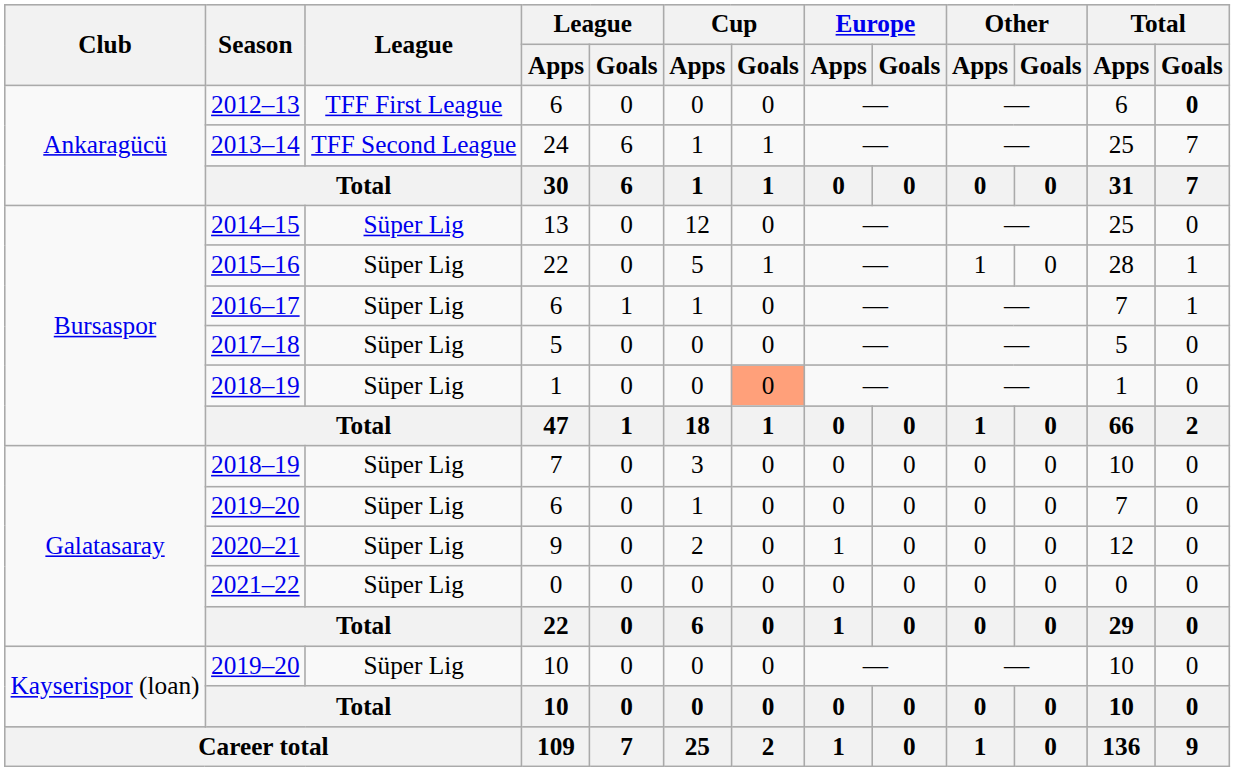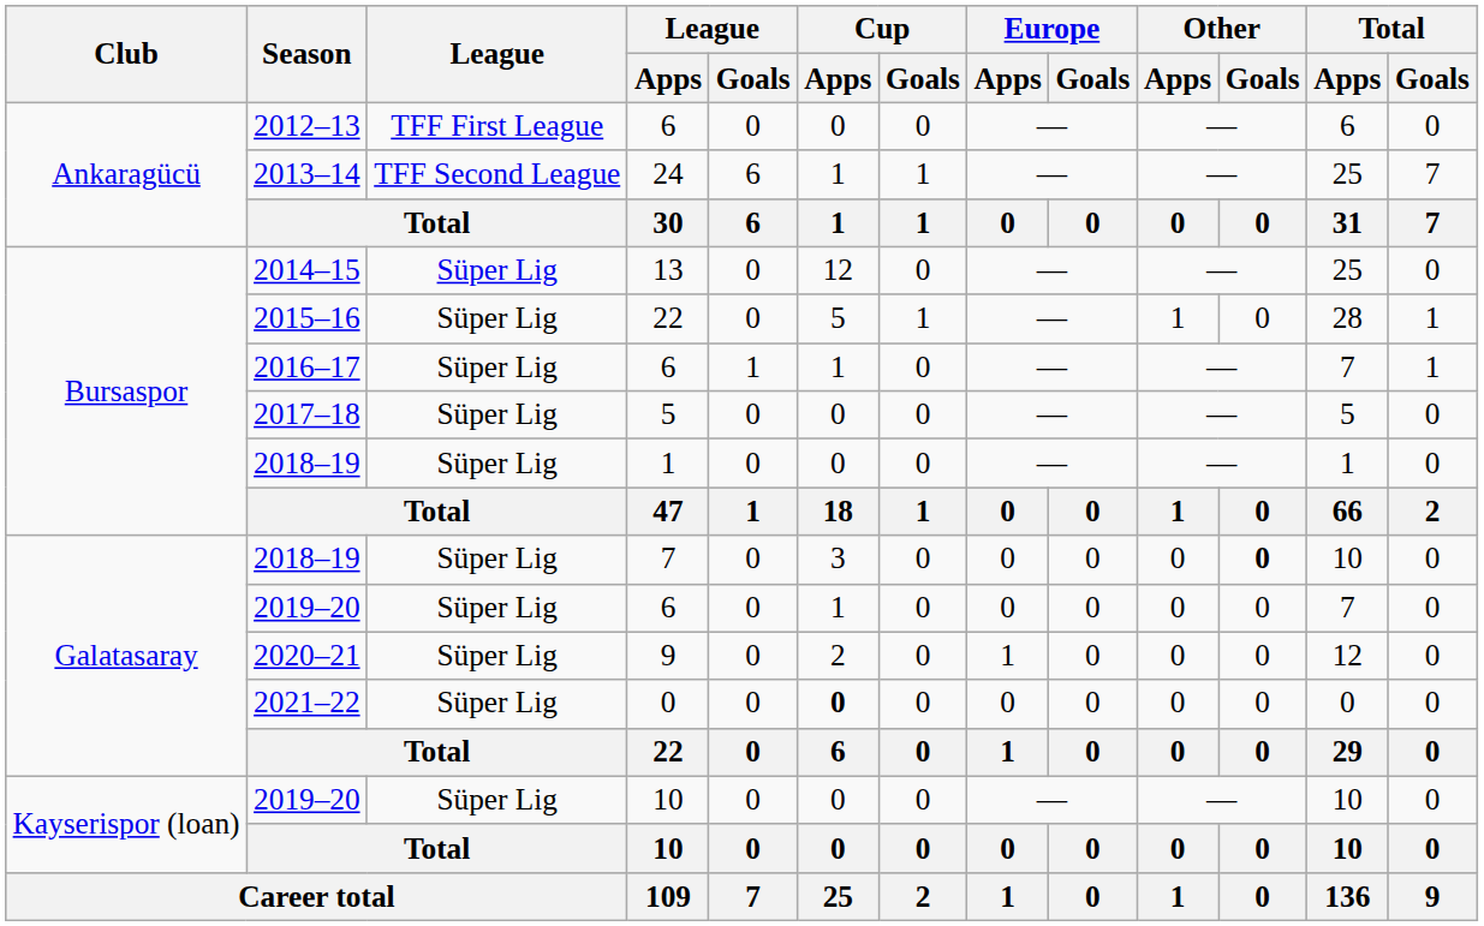 <table class="wikitable" style="text-align: center;">
 <tr>
 <th rowspan="2">Club</th>
 <th rowspan="2">Season</th>
 <th rowspan="2">League</th>
 <th colspan="2">League</th>
 <th colspan="2">Cup</th>
 <th colspan="2"><a href='#'>Europe</a></th>
 <th colspan="2">Other</th>
 <th colspan="2">Total</th>
 </tr>
 <tr>
 <th>Apps</th>
 <th>Goals</th>
 <th>Apps</th>
 <th>Goals</th>
 <th>Apps</th>
 <th>Goals</th>
 <th>Apps</th>
 <th>Goals</th>
 <th>Apps</th>
 <th>Goals</th>
 </tr>
 <tr>
 <td rowspan="3"><a href='#'>Ankaragücü</a></td>
 <td><a href='#'>2012–13</a></td>
 <td><a href='#'>TFF First League</a></td>
 <td>6</td>
 <td>0</td>
 <td>0</td>
 <td>0</td>
 <td colspan="2">—</td>
 <td colspan="2">—</td>
 <td>6</td>
-<td><strong>0</strong></td>
+<td>0</td>
 </tr>
 <tr>
 <td><a href='#'>2013–14</a></td>
 <td><a href='#'>TFF Second League</a></td>
 <td>24</td>
 <td>6</td>
 <td>1</td>
 <td>1</td>
 <td colspan="2">—</td>
 <td colspan="2">—</td>
 <td>25</td>
 <td>7</td>
 </tr>
 <tr>
 <th colspan="2">Total</th>
 <th>30</th>
 <th>6</th>
 <th>1</th>
 <th>1</th>
 <th>0</th>
 <th>0</th>
 <th>0</th>
 <th>0</th>
 <th>31</th>
 <th>7</th>
 </tr>
 <tr>
 <td rowspan="6"><a href='#'>Bursaspor</a></td>
 <td><a href='#'>2014–15</a></td>
 <td><a href='#'>Süper Lig</a></td>
 <td>13</td>
 <td>0</td>
 <td>12</td>
 <td>0</td>
 <td colspan="2">—</td>
 <td colspan="2">—</td>
 <td>25</td>
 <td>0</td>
 </tr>
 <tr>
 <td><a href='#'>2015–16</a></td>
 <td>Süper Lig</td>
 <td>22</td>
 <td>0</td>
 <td>5</td>
 <td>1</td>
 <td colspan="2">—</td>
 <td>1</td>
 <td>0</td>
 <td>28</td>
 <td>1</td>
 </tr>
 <tr>
 <td><a href='#'>2016–17</a></td>
 <td>Süper Lig</td>
 <td>6</td>
 <td>1</td>
 <td>1</td>
 <td>0</td>
 <td colspan="2">—</td>
 <td colspan="2">—</td>
 <td>7</td>
 <td>1</td>
 </tr>
 <tr>
 <td><a href='#'>2017–18</a></td>
 <td>Süper Lig</td>
 <td>5</td>
 <td>0</td>
 <td>0</td>
 <td>0</td>
 <td colspan="2">—</td>
 <td colspan="2">—</td>
 <td>5</td>
 <td>0</td>
 </tr>
 <tr>
 <td><a href='#'>2018–19</a></td>
 <td>Süper Lig</td>
 <td>1</td>
 <td>0</td>
 <td>0</td>
-<td style="background: lightsalmon;">0</td>
+<td>0</td>
 <td colspan="2">—</td>
 <td colspan="2">—</td>
 <td>1</td>
 <td>0</td>
 </tr>
 <tr>
 <th colspan="2">Total</th>
 <th>47</th>
 <th>1</th>
 <th>18</th>
 <th>1</th>
 <th>0</th>
 <th>0</th>
 <th>1</th>
 <th>0</th>
 <th>66</th>
 <th>2</th>
 </tr>
 <tr>
 <td rowspan="5"><a href='#'>Galatasaray</a></td>
 <td><a href='#'>2018–19</a></td>
 <td>Süper Lig</td>
 <td>7</td>
 <td>0</td>
 <td>3</td>
 <td>0</td>
 <td>0</td>
 <td>0</td>
 <td>0</td>
-<td>0</td>
+<td><strong>0</strong></td>
 <td>10</td>
 <td>0</td>
 </tr>
 <tr>
 <td><a href='#'>2019–20</a></td>
 <td>Süper Lig</td>
 <td>6</td>
 <td>0</td>
 <td>1</td>
 <td>0</td>
 <td>0</td>
 <td>0</td>
 <td>0</td>
 <td>0</td>
 <td>7</td>
 <td>0</td>
 </tr>
 <tr>
 <td><a href='#'>2020–21</a></td>
 <td>Süper Lig</td>
 <td>9</td>
 <td>0</td>
 <td>2</td>
 <td>0</td>
 <td>1</td>
 <td>0</td>
 <td>0</td>
 <td>0</td>
 <td>12</td>
 <td>0</td>
 </tr>
 <tr>
 <td><a href='#'>2021–22</a></td>
 <td>Süper Lig</td>
 <td>0</td>
 <td>0</td>
-<td>0</td>
+<td><strong>0</strong></td>
 <td>0</td>
 <td>0</td>
 <td>0</td>
 <td>0</td>
 <td>0</td>
 <td>0</td>
 <td>0</td>
 </tr>
 <tr>
 <th colspan="2">Total</th>
 <th>22</th>
 <th>0</th>
 <th>6</th>
 <th>0</th>
 <th>1</th>
 <th>0</th>
 <th>0</th>
 <th>0</th>
 <th>29</th>
 <th>0</th>
 </tr>
 <tr>
 <td rowspan="2"><a href='#'>Kayserispor</a> (loan)</td>
 <td><a href='#'>2019–20</a></td>
 <td>Süper Lig</td>
 <td>10</td>
 <td>0</td>
 <td>0</td>
 <td>0</td>
 <td colspan="2">—</td>
 <td colspan="2">—</td>
 <td>10</td>
 <td>0</td>
 </tr>
 <tr>
 <th colspan="2">Total</th>
 <th>10</th>
 <th>0</th>
 <th>0</th>
 <th>0</th>
 <th>0</th>
 <th>0</th>
 <th>0</th>
 <th>0</th>
 <th>10</th>
 <th>0</th>
 </tr>
 <tr>
 <th colspan="3">Career total</th>
 <th>109</th>
 <th>7</th>
 <th>25</th>
 <th>2</th>
 <th>1</th>
 <th>0</th>
 <th>1</th>
 <th>0</th>
 <th>136</th>
 <th>9</th>
 </tr>
 </table>
